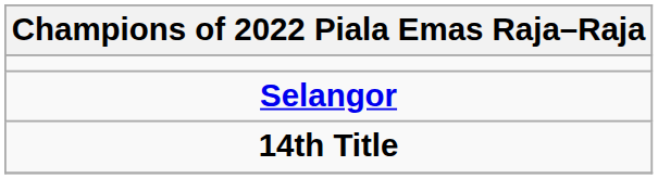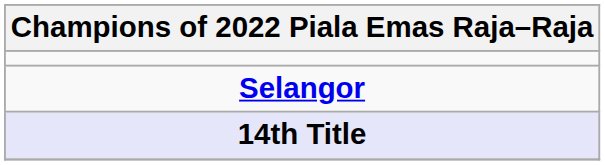 <table class="wikitable" style="text-align: center; margin: 0 auto;">
 <tr>
 <th><strong>Champions of 2022 Piala Emas Raja–Raja</strong></th>
 </tr>
 <tr>
 <td></td>
 </tr>
 <tr>
 <td><a href='#'><strong>Selangor</strong></a></td>
 </tr>
 <tr>
-<td><strong>14th Title</strong></td>
+<td style="background: lavender;"><strong>14th Title</strong></td>
 </tr>
 <tr>
 </tr>
 </table>
